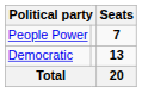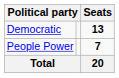 <table class="wikitable">
 <tr>
 <th colspan="2">Political party</th>
 <th>Seats</th>
+</tr>
+<tr>
+<td><a href='#'>Democratic</a></td>
+<td style="background:"></td>
+<td style="text-align: center;"><strong>13</strong></td>
 </tr>
 <tr>
 <td><a href='#'>People Power</a></td>
 <td style="background:"></td>
 <td style="text-align: center;"><strong>7</strong></td>
 </tr>
 <tr>
-<td><a href='#'>Democratic</a></td>
-<td style="background:"></td>
-<td style="text-align: center;"><strong>13</strong></td>
-</tr>
-<tr>
 <th colspan="2">Total</th>
 <th>20</th>
 </tr>
 </table>
